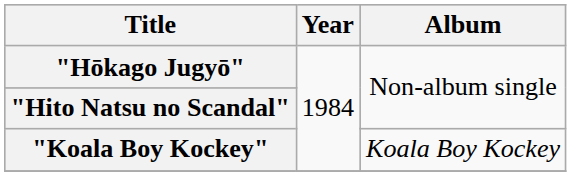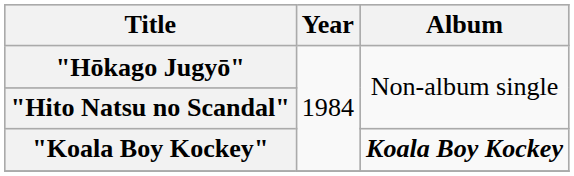 <table class="wikitable plainrowheaders">
 <tr>
 <th scope="col">Title</th>
 <th scope="col">Year</th>
 <th scope="col">Album</th>
 </tr>
 <tr>
 <th scope="row">"Hōkago Jugyō"</th>
 <td align="center" rowspan="3">1984</td>
 <td align="center" rowspan="2">Non-album single</td>
 </tr>
 <tr>
 <th scope="row">"Hito Natsu no Scandal"</th>
 </tr>
 <tr>
 <th scope="row">"Koala Boy Kockey"</th>
-<td><em>Koala Boy Kockey</em></td>
+<td><strong><em>Koala Boy Kockey</em></strong></td>
 </tr>
 <tr>
 </tr>
 </table>
